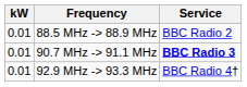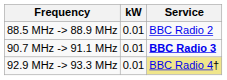 <table class="wikitable sortable">
 <tr>
+<th>Frequency</th>
 <th>kW</th>
-<th>Frequency</th>
 <th>Service</th>
 </tr>
 <tr>
+<td>88.5 MHz -> 88.9 MHz</td>
 <td>0.01</td>
-<td>88.5 MHz -> 88.9 MHz</td>
 <td><a href='#'>BBC Radio 2</a></td>
 </tr>
 <tr>
+<td>90.7 MHz -> 91.1 MHz</td>
 <td>0.01</td>
-<td>90.7 MHz -> 91.1 MHz</td>
 <td><strong><a href='#'>BBC Radio 3</a></strong></td>
 </tr>
 <tr>
+<td>92.9 MHz -> 93.3 MHz</td>
 <td>0.01</td>
-<td>92.9 MHz -> 93.3 MHz</td>
-<td><a href='#'>BBC Radio 4</a>†</td>
+<td style="background: khaki;"><a href='#'>BBC Radio 4</a>†</td>
 </tr>
 </table>
